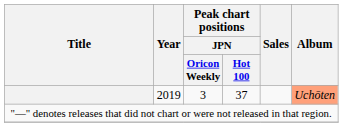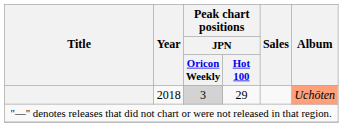 <table class="wikitable plainrowheaders" style="text-align:center;">
 <tr>
 <th scope="col" rowspan="3" style="width:12em;">Title</th>
 <th scope="col" rowspan="3">Year</th>
 <th scope="col" colspan="2">Peak chart positions</th>
 <th scope="col" rowspan="3">Sales</th>
 <th scope="col" rowspan="3">Album</th>
 </tr>
 <tr>
 <th scope="col" style="width:3em;font-size:90%;" colspan="2">JPN</th>
 </tr>
 <tr>
 <th scope="col" style="width:3em;font-size:90%;"><a href='#'>Oricon</a> Weekly</th>
 <th scope="col" style="width:3em;font-size:90%;"><a href='#'>Hot 100</a></th>
 </tr>
 <tr>
 <th scope="row"></th>
-<td>2019</td>
-<td>3</td>
-<td>37</td>
+<td>2018</td>
+<td style="background: lightgrey;">3</td>
+<td>29</td>
 <td></td>
 <td style="background: lightsalmon;"><em>Uchōten</em></td>
 </tr>
 <tr>
 <td colspan="6" style="font-size:90%;">"—" denotes releases that did not chart or were not released in that region.</td>
 </tr>
 <tr>
 </tr>
 </table>
